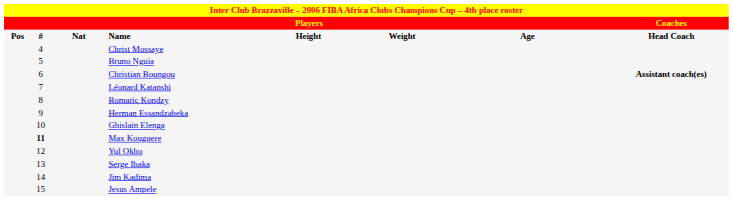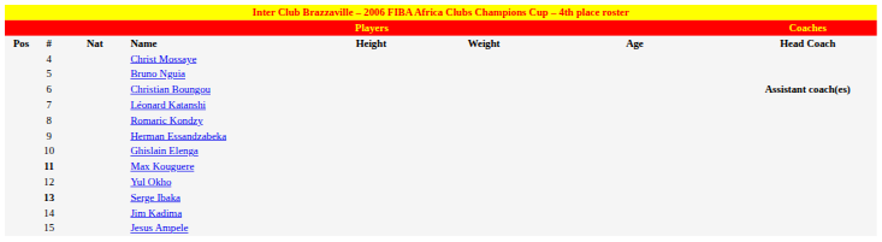 <table border=0 cellpadding=2 cellspacing=0  |- bgcolor=#f5f5f5 style="text-align:center; font-size:90%;" width=75%>
 <tr>
 <td colspan="8" style="background: yellow; color: red"><strong>Inter Club Brazzaville – 2006 FIBA Africa Clubs Champions Cup – 4th place roster</strong></td>
 </tr>
 <tr>
 <td colspan="7" style="background: red; color: yellow"><strong>Players</strong></td>
 <td style="background: red; color: yellow"><strong>Coaches</strong></td>
 </tr>
 <tr style="background=#f5f5f5; color: black">
 <th width=5px>Pos</th>
 <th width=5px>#</th>
 <th width=50px>Nat</th>
 <th width=135px align=left>Name</th>
 <th width=100px>Height</th>
 <th width=70px>Weight</th>
 <th width=160px>Age</th>
 <th width=105px>Head Coach</th>
 </tr>
 <tr>
 <td></td>
 <td>4</td>
 <td></td>
 <td align=left><a href='#'>Christ Mossaye</a></td>
 <td></td>
 <td></td>
 <td><span></span></td>
 <td></td>
 </tr>
 <tr>
 <td></td>
 <td>5</td>
 <td></td>
 <td align=left><a href='#'>Bruno Nguia</a></td>
 <td></td>
 <td></td>
 <td><span></span></td>
 </tr>
 <tr>
 <td></td>
 <td>6</td>
 <td></td>
 <td align=left><a href='#'>Christian Boungou</a></td>
 <td></td>
 <td></td>
 <td><span></span></td>
 <td><strong>Assistant coach(es)</strong></td>
 </tr>
 <tr>
 <td></td>
 <td>7</td>
 <td></td>
 <td align=left><a href='#'>Léonard Katanshi</a></td>
 <td></td>
 <td></td>
 <td><span></span></td>
 </tr>
 <tr>
 <td></td>
 <td>8</td>
 <td></td>
 <td align=left><a href='#'>Romaric Kondzy</a></td>
 <td></td>
 <td></td>
 <td><span></span></td>
 </tr>
 <tr>
 <td></td>
 <td>9</td>
 <td></td>
 <td align=left><a href='#'>Herman Essandzabeka</a></td>
 <td></td>
 <td></td>
 <td><span></span></td>
 </tr>
 <tr>
 <td></td>
 <td>10</td>
 <td></td>
 <td align=left><a href='#'>Ghislain Elenga</a></td>
 <td></td>
 <td></td>
 <td><span></span></td>
 </tr>
 <tr>
 <td></td>
 <td><strong>11</strong></td>
 <td></td>
 <td align=left><a href='#'>Max Kouguere</a></td>
 <td></td>
 <td></td>
 <td><span></span></td>
 </tr>
 <tr>
 <td></td>
 <td>12</td>
 <td></td>
 <td align=left><a href='#'>Yul Okho</a></td>
 <td></td>
 <td></td>
 <td><span></span></td>
 </tr>
 <tr>
 <td></td>
-<td>13</td>
+<td><strong>13</strong></td>
 <td></td>
 <td align=left><a href='#'>Serge Ibaka</a></td>
 <td><span></span></td>
 <td></td>
 <td><span></span></td>
 </tr>
 <tr>
 <td></td>
 <td>14</td>
 <td></td>
 <td align=left><a href='#'>Jim Kadima</a></td>
 <td></td>
 <td></td>
 <td><span></span></td>
 </tr>
 <tr>
 <td></td>
 <td>15</td>
 <td></td>
 <td align=left><a href='#'>Jesus Ampele</a></td>
 <td></td>
 <td></td>
 <td><span></span></td>
 </tr>
 </table>
